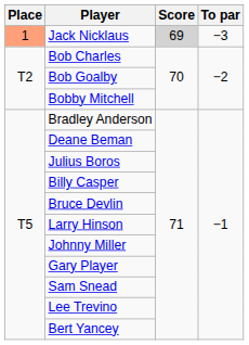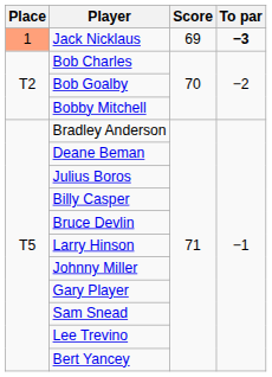 <table class=wikitable>
 <tr>
 <th>Place</th>
 <th>Player</th>
 <th>Score</th>
 <th>To par</th>
 </tr>
 <tr>
 <td align=center style="background: lightsalmon;">1</td>
 <td> <a href='#'>Jack Nicklaus</a></td>
-<td align=center style="background: lightgrey;">69</td>
-<td align=center>−3</td>
+<td align=center>69</td>
+<td align=center><strong>−3</strong></td>
 </tr>
 <tr>
 <td rowspan=3 align=center>T2</td>
 <td> <a href='#'>Bob Charles</a></td>
 <td rowspan=3 align=center>70</td>
 <td rowspan=3 align=center>−2</td>
 </tr>
 <tr>
 <td> <a href='#'>Bob Goalby</a></td>
 </tr>
 <tr>
 <td> <a href='#'>Bobby Mitchell</a></td>
 </tr>
 <tr>
 <td rowspan=11 align=center>T5</td>
 <td> Bradley Anderson</td>
 <td rowspan=11 align=center>71</td>
 <td rowspan=11 align=center>−1</td>
 </tr>
 <tr>
 <td> <a href='#'>Deane Beman</a></td>
 </tr>
 <tr>
 <td> <a href='#'>Julius Boros</a></td>
 </tr>
 <tr>
 <td> <a href='#'>Billy Casper</a></td>
 </tr>
 <tr>
 <td> <a href='#'>Bruce Devlin</a></td>
 </tr>
 <tr>
 <td> <a href='#'>Larry Hinson</a></td>
 </tr>
 <tr>
 <td> <a href='#'>Johnny Miller</a></td>
 </tr>
 <tr>
 <td> <a href='#'>Gary Player</a></td>
 </tr>
 <tr>
 <td> <a href='#'>Sam Snead</a></td>
 </tr>
 <tr>
 <td> <a href='#'>Lee Trevino</a></td>
 </tr>
 <tr>
 <td> <a href='#'>Bert Yancey</a></td>
 </tr>
 </table>
